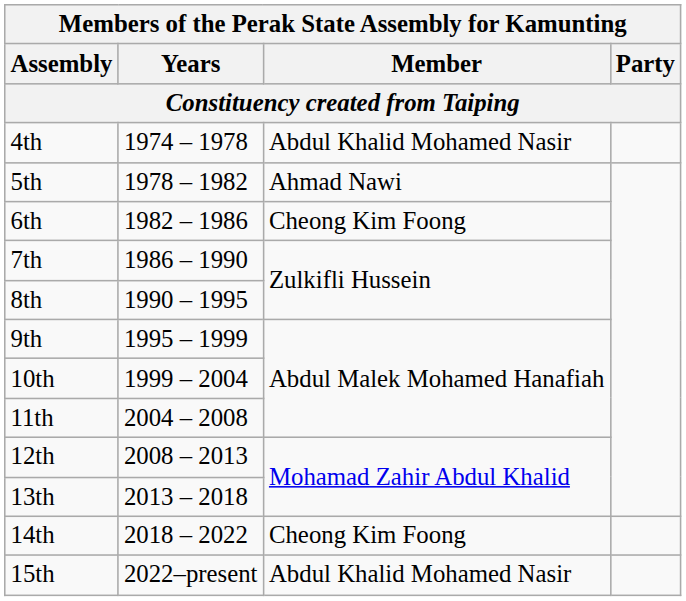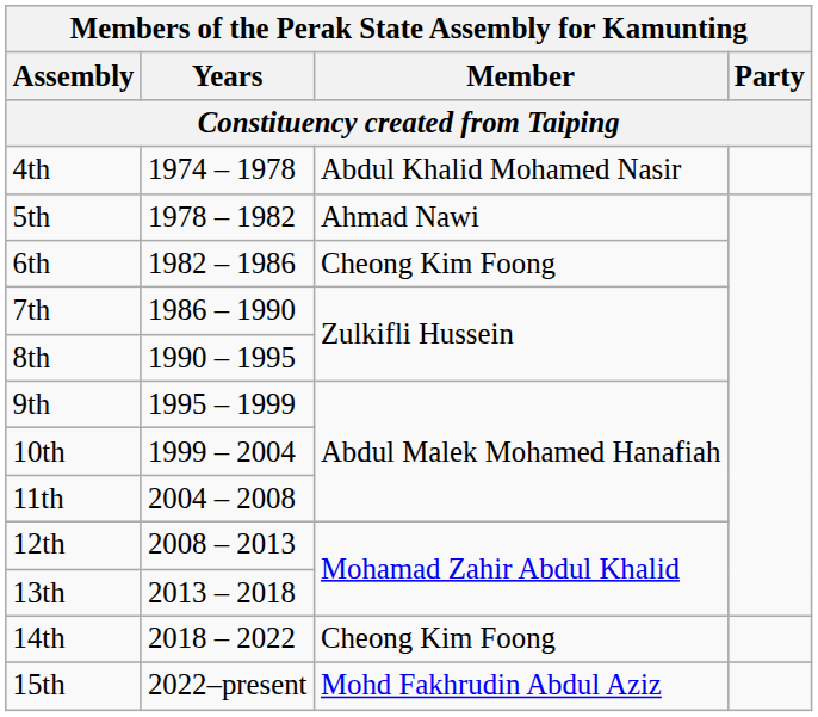 <table class="wikitable">
 <tr>
 <th colspan=4>Members of the Perak State Assembly for Kamunting</th>
 </tr>
 <tr>
 <th>Assembly</th>
 <th>Years</th>
 <th>Member</th>
 <th>Party</th>
 </tr>
 <tr>
 <th colspan="4"><em>Constituency created from Taiping</em></th>
 </tr>
 <tr>
 <td>4th</td>
 <td>1974 – 1978</td>
 <td>Abdul Khalid Mohamed Nasir</td>
 <td></td>
 </tr>
 <tr>
 <td>5th</td>
 <td>1978 – 1982</td>
 <td>Ahmad Nawi</td>
 <td rowspan="9"></td>
 </tr>
 <tr>
 <td>6th</td>
 <td>1982 – 1986</td>
 <td>Cheong Kim Foong</td>
 </tr>
 <tr>
 <td>7th</td>
 <td>1986 – 1990</td>
 <td rowspan="2">Zulkifli Hussein</td>
 </tr>
 <tr>
 <td>8th</td>
 <td>1990 – 1995</td>
 </tr>
 <tr>
 <td>9th</td>
 <td>1995 – 1999</td>
 <td rowspan="3">Abdul Malek Mohamed Hanafiah</td>
 </tr>
 <tr>
 <td>10th</td>
 <td>1999 – 2004</td>
 </tr>
 <tr>
 <td>11th</td>
 <td>2004 – 2008</td>
 </tr>
 <tr>
 <td>12th</td>
 <td>2008 – 2013</td>
 <td rowspan="2"><a href='#'>Mohamad Zahir Abdul Khalid</a></td>
 </tr>
 <tr>
 <td>13th</td>
 <td>2013 – 2018</td>
 </tr>
 <tr>
 <td>14th</td>
 <td>2018 – 2022</td>
 <td>Cheong Kim Foong</td>
 <td></td>
 </tr>
 <tr>
 <td>15th</td>
 <td>2022–present</td>
-<td>Abdul Khalid Mohamed Nasir</td>
+<td><a href='#'>Mohd Fakhrudin Abdul Aziz</a></td>
 <td></td>
 </tr>
 </table>
